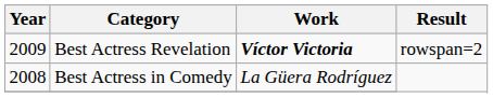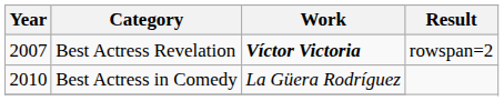 <table class="wikitable">
 <tr style="background:#b0c4de;">
 <th>Year</th>
 <th>Category</th>
 <th>Work</th>
 <th>Result</th>
 </tr>
 <tr>
-<td>2009</td>
+<td>2007</td>
 <td>Best Actress Revelation</td>
 <td><strong><em>Víctor Victoria</em></strong></td>
 <td>rowspan=2 </td>
 </tr>
 <tr>
-<td>2008</td>
+<td>2010</td>
 <td>Best Actress in Comedy</td>
 <td><em>La Güera Rodríguez</em></td>
 </tr>
 <tr>
 </tr>
 </table>
